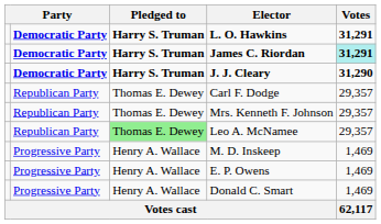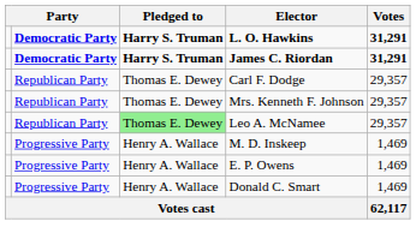 <table class="wikitable">
 <tr>
 <th colspan=2>Party</th>
 <th>Pledged to</th>
 <th>Elector</th>
 <th>Votes</th>
 </tr>
 <tr style="font-weight:bold">
 <td></td>
 <td><a href='#'>Democratic Party</a></td>
 <td>Harry S. Truman</td>
 <td>L. O. Hawkins</td>
 <td align="right">31,291</td>
 </tr>
 <tr style="font-weight:bold">
 <td></td>
 <td><a href='#'>Democratic Party</a></td>
 <td>Harry S. Truman</td>
 <td>James C. Riordan</td>
-<td align="right" style="background: paleturquoise;">31,291</td>
-</tr>
-<tr style="font-weight:bold">
-<td></td>
-<td><a href='#'>Democratic Party</a></td>
-<td>Harry S. Truman</td>
-<td>J. J. Cleary</td>
-<td align="right">31,290</td>
+<td align="right">31,291</td>
 </tr>
 <tr>
 <td></td>
 <td><a href='#'>Republican Party</a></td>
 <td>Thomas E. Dewey</td>
 <td>Carl F. Dodge</td>
 <td align="right">29,357</td>
 </tr>
 <tr>
 <td></td>
 <td><a href='#'>Republican Party</a></td>
 <td>Thomas E. Dewey</td>
 <td>Mrs. Kenneth F. Johnson</td>
 <td align="right">29,357</td>
 </tr>
 <tr>
 <td></td>
 <td><a href='#'>Republican Party</a></td>
 <td style="background: lightgreen;">Thomas E. Dewey</td>
 <td>Leo A. McNamee</td>
 <td align="right">29,357</td>
 </tr>
 <tr>
 <td></td>
 <td><a href='#'>Progressive Party</a></td>
 <td>Henry A. Wallace</td>
 <td>M. D. Inskeep</td>
 <td align="right">1,469</td>
 </tr>
 <tr>
 <td></td>
 <td><a href='#'>Progressive Party</a></td>
 <td>Henry A. Wallace</td>
 <td>E. P. Owens</td>
 <td align="right">1,469</td>
 </tr>
 <tr>
 <td></td>
 <td><a href='#'>Progressive Party</a></td>
 <td>Henry A. Wallace</td>
 <td>Donald C. Smart</td>
 <td align="right">1,469</td>
 </tr>
 <tr>
 <th colspan="4">Votes cast</th>
 <th>62,117</th>
 </tr>
 </table>
